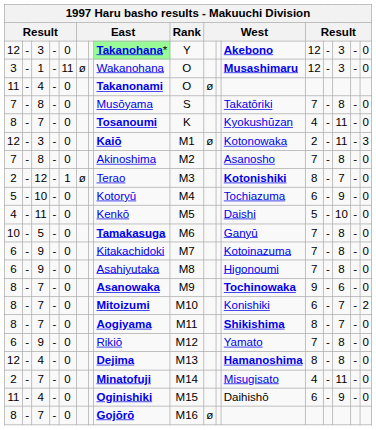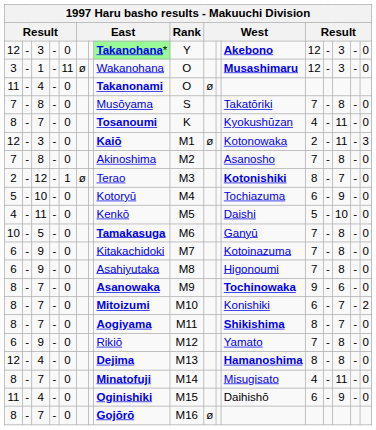 <table class="wikitable">
 <tr>
 <th colspan="17">1997 Haru basho results - Makuuchi Division</th>
 </tr>
 <tr>
 <th colspan="5">Result</th>
 <th colspan="3">East</th>
 <th>Rank</th>
 <th colspan="3">West</th>
 <th colspan="5">Result</th>
 </tr>
 <tr>
 <td align=center>12</td>
 <td align=center>-</td>
 <td align=center>3</td>
 <td align=center>-</td>
 <td align=center>0</td>
 <td align=center></td>
 <td align=center></td>
 <td style="background: PaleGreen;"><strong><a href='#'>Takanohana</a></strong>*</td>
 <td align=center>Y</td>
 <td align=center></td>
 <td align=center></td>
 <td><strong><a href='#'>Akebono</a></strong></td>
 <td align=center>12</td>
 <td align=center>-</td>
 <td align=center>3</td>
 <td align=center>-</td>
 <td align=center>0</td>
 </tr>
 <tr>
 <td align=center>3</td>
 <td align=center>-</td>
 <td align=center>1</td>
 <td align=center>-</td>
 <td align=center>11</td>
 <td align=center>ø</td>
 <td align=center></td>
 <td><a href='#'>Wakanohana</a></td>
 <td align=center>O</td>
 <td align=center></td>
 <td align=center></td>
 <td><strong><a href='#'>Musashimaru</a></strong></td>
 <td align=center>12</td>
 <td align=center>-</td>
 <td align=center>3</td>
 <td align=center>-</td>
 <td align=center>0</td>
 </tr>
 <tr>
 <td align=center>11</td>
 <td align=center>-</td>
 <td align=center>4</td>
 <td align=center>-</td>
 <td align=center>0</td>
 <td align=center></td>
 <td align=center></td>
 <td><strong><a href='#'>Takanonami</a></strong></td>
 <td align=center>O</td>
 <td align=center>ø</td>
 <td align=center></td>
 <td></td>
 <td align=center></td>
 <td align=center></td>
 <td align=center></td>
 <td align=center></td>
 <td align=center></td>
 </tr>
 <tr>
 <td align=center>7</td>
 <td align=center>-</td>
 <td align=center>8</td>
 <td align=center>-</td>
 <td align=center>0</td>
 <td align=center></td>
 <td align=center></td>
 <td><a href='#'>Musōyama</a></td>
 <td align=center>S</td>
 <td align=center></td>
 <td align=center></td>
 <td><a href='#'>Takatōriki</a></td>
 <td align=center>7</td>
 <td align=center>-</td>
 <td align=center>8</td>
 <td align=center>-</td>
 <td align=center>0</td>
 </tr>
 <tr>
 <td align=center>8</td>
 <td align=center>-</td>
 <td align=center>7</td>
 <td align=center>-</td>
 <td align=center>0</td>
 <td align=center></td>
 <td align=center></td>
 <td><strong><a href='#'>Tosanoumi</a></strong></td>
 <td align=center>K</td>
 <td align=center></td>
 <td align=center></td>
 <td><a href='#'>Kyokushūzan</a></td>
 <td align=center>4</td>
 <td align=center>-</td>
 <td align=center>11</td>
 <td align=center>-</td>
 <td align=center>0</td>
 </tr>
 <tr>
 <td align=center>12</td>
 <td align=center>-</td>
 <td align=center>3</td>
 <td align=center>-</td>
 <td align=center>0</td>
 <td align=center></td>
 <td align=center></td>
 <td><strong><a href='#'>Kaiō</a></strong></td>
 <td align=center>M1</td>
 <td align=center>ø</td>
 <td align=center></td>
 <td><a href='#'>Kotonowaka</a></td>
 <td align=center>2</td>
 <td align=center>-</td>
 <td align=center>11</td>
 <td align=center>-</td>
 <td align=center>3</td>
 </tr>
 <tr>
 <td align=center>7</td>
 <td align=center>-</td>
 <td align=center>8</td>
 <td align=center>-</td>
 <td align=center>0</td>
 <td align=center></td>
 <td align=center></td>
 <td><a href='#'>Akinoshima</a></td>
 <td align=center>M2</td>
 <td align=center></td>
 <td align=center></td>
 <td><a href='#'>Asanosho</a></td>
 <td align=center>7</td>
 <td align=center>-</td>
 <td align=center>8</td>
 <td align=center>-</td>
 <td align=center>0</td>
 </tr>
 <tr>
 <td align=center>2</td>
 <td align=center>-</td>
 <td align=center>12</td>
 <td align=center>-</td>
 <td align=center>1</td>
 <td align=center>ø</td>
 <td align=center></td>
 <td><a href='#'>Terao</a></td>
 <td align=center>M3</td>
 <td align=center></td>
 <td align=center></td>
 <td><strong><a href='#'>Kotonishiki</a></strong></td>
 <td align=center>8</td>
 <td align=center>-</td>
 <td align=center>7</td>
 <td align=center>-</td>
 <td align=center>0</td>
 </tr>
 <tr>
 <td align=center>5</td>
 <td align=center>-</td>
 <td align=center>10</td>
 <td align=center>-</td>
 <td align=center>0</td>
 <td align=center></td>
 <td align=center></td>
 <td><a href='#'>Kotoryū</a></td>
 <td align=center>M4</td>
 <td align=center></td>
 <td align=center></td>
 <td><a href='#'>Tochiazuma</a></td>
 <td align=center>6</td>
 <td align=center>-</td>
 <td align=center>9</td>
 <td align=center>-</td>
 <td align=center>0</td>
 </tr>
 <tr>
 <td align=center>4</td>
 <td align=center>-</td>
 <td align=center>11</td>
 <td align=center>-</td>
 <td align=center>0</td>
 <td align=center></td>
 <td align=center></td>
 <td><a href='#'>Kenkō</a></td>
 <td align=center>M5</td>
 <td align=center></td>
 <td align=center></td>
 <td><a href='#'>Daishi</a></td>
 <td align=center>5</td>
 <td align=center>-</td>
 <td align=center>10</td>
 <td align=center>-</td>
 <td align=center>0</td>
 </tr>
 <tr>
 <td align=center>10</td>
 <td align=center>-</td>
 <td align=center>5</td>
 <td align=center>-</td>
 <td align=center>0</td>
 <td align=center></td>
 <td align=center></td>
 <td><strong><a href='#'>Tamakasuga</a></strong></td>
 <td align=center>M6</td>
 <td align=center></td>
 <td align=center></td>
 <td><a href='#'>Ganyū</a></td>
 <td align=center>7</td>
 <td align=center>-</td>
 <td align=center>8</td>
 <td align=center>-</td>
 <td align=center>0</td>
 </tr>
 <tr>
 <td align=center>6</td>
 <td align=center>-</td>
 <td align=center>9</td>
 <td align=center>-</td>
 <td align=center>0</td>
 <td align=center></td>
 <td align=center></td>
 <td><a href='#'>Kitakachidoki</a></td>
 <td align=center>M7</td>
 <td align=center></td>
 <td align=center></td>
 <td><a href='#'>Kotoinazuma</a></td>
 <td align=center>7</td>
 <td align=center>-</td>
 <td align=center>8</td>
 <td align=center>-</td>
 <td align=center>0</td>
 </tr>
 <tr>
 <td align=center>6</td>
 <td align=center>-</td>
 <td align=center>9</td>
 <td align=center>-</td>
 <td align=center>0</td>
 <td align=center></td>
 <td align=center></td>
 <td><a href='#'>Asahiyutaka</a></td>
 <td align=center>M8</td>
 <td align=center></td>
 <td align=center></td>
 <td><a href='#'>Higonoumi</a></td>
 <td align=center>7</td>
 <td align=center>-</td>
 <td align=center>8</td>
 <td align=center>-</td>
 <td align=center>0</td>
 </tr>
 <tr>
 <td align=center>8</td>
 <td align=center>-</td>
 <td align=center>7</td>
 <td align=center>-</td>
 <td align=center>0</td>
 <td align=center></td>
 <td align=center></td>
 <td><strong><a href='#'>Asanowaka</a></strong></td>
 <td align=center>M9</td>
 <td align=center></td>
 <td align=center></td>
 <td><strong><a href='#'>Tochinowaka</a></strong></td>
 <td align=center>9</td>
 <td align=center>-</td>
 <td align=center>6</td>
 <td align=center>-</td>
 <td align=center>0</td>
 </tr>
 <tr>
 <td align=center>8</td>
 <td align=center>-</td>
 <td align=center>7</td>
 <td align=center>-</td>
 <td align=center>0</td>
 <td align=center></td>
 <td align=center></td>
 <td><strong><a href='#'>Mitoizumi</a></strong></td>
 <td align=center>M10</td>
 <td align=center></td>
 <td align=center></td>
 <td><a href='#'>Konishiki</a></td>
 <td align=center>6</td>
 <td align=center>-</td>
 <td align=center>7</td>
 <td align=center>-</td>
 <td align=center>2</td>
 </tr>
 <tr>
 <td align=center>8</td>
 <td align=center>-</td>
 <td align=center>7</td>
 <td align=center>-</td>
 <td align=center>0</td>
 <td align=center></td>
 <td align=center></td>
 <td><strong><a href='#'>Aogiyama</a></strong></td>
 <td align=center>M11</td>
 <td align=center></td>
 <td align=center></td>
 <td><strong><a href='#'>Shikishima</a></strong></td>
 <td align=center>8</td>
 <td align=center>-</td>
 <td align=center>7</td>
 <td align=center>-</td>
 <td align=center>0</td>
 </tr>
 <tr>
 <td align=center>6</td>
 <td align=center>-</td>
 <td align=center>9</td>
 <td align=center>-</td>
 <td align=center>0</td>
 <td align=center></td>
 <td align=center></td>
 <td><a href='#'>Rikiō</a></td>
 <td align=center>M12</td>
 <td align=center></td>
 <td align=center></td>
 <td><a href='#'>Yamato</a></td>
 <td align=center>7</td>
 <td align=center>-</td>
 <td align=center>8</td>
 <td align=center>-</td>
 <td align=center>0</td>
 </tr>
 <tr>
 <td align=center>12</td>
 <td align=center>-</td>
 <td align=center>4</td>
 <td align=center>-</td>
 <td align=center>0</td>
 <td align=center></td>
 <td align=center></td>
 <td><strong><a href='#'>Dejima</a></strong></td>
 <td align=center>M13</td>
 <td align=center></td>
 <td align=center></td>
 <td><strong><a href='#'>Hamanoshima</a></strong></td>
 <td align=center>8</td>
 <td align=center>-</td>
 <td align=center>8</td>
 <td align=center>-</td>
 <td align=center>0</td>
 </tr>
 <tr>
-<td align=center>2</td>
+<td align=center>8</td>
 <td align=center>-</td>
 <td align=center>7</td>
 <td align=center>-</td>
 <td align=center>0</td>
 <td align=center></td>
 <td align=center></td>
 <td><strong><a href='#'>Minatofuji</a></strong></td>
 <td align=center>M14</td>
 <td align=center></td>
 <td align=center></td>
 <td><a href='#'>Misugisato</a></td>
 <td align=center>4</td>
 <td align=center>-</td>
 <td align=center>11</td>
 <td align=center>-</td>
 <td align=center>0</td>
 </tr>
 <tr>
 <td align=center>11</td>
 <td align=center>-</td>
 <td align=center>4</td>
 <td align=center>-</td>
 <td align=center>0</td>
 <td align=center></td>
 <td align=center></td>
 <td><strong><a href='#'>Oginishiki</a></strong></td>
 <td align=center>M15</td>
 <td align=center></td>
 <td align=center></td>
 <td>Daihishō</td>
 <td align=center>6</td>
 <td align=center>-</td>
 <td align=center>9</td>
 <td align=center>-</td>
 <td align=center>0</td>
 </tr>
 <tr>
 <td align=center>8</td>
 <td align=center>-</td>
 <td align=center>7</td>
 <td align=center>-</td>
 <td align=center>0</td>
 <td align=center></td>
 <td align=center></td>
 <td><strong><a href='#'>Gojōrō</a></strong></td>
 <td align=center>M16</td>
 <td align=center>ø</td>
 <td align=center></td>
 <td></td>
 <td align=center></td>
 <td align=center></td>
 <td align=center></td>
 <td align=center></td>
 <td align=center></td>
 </tr>
 </table>
